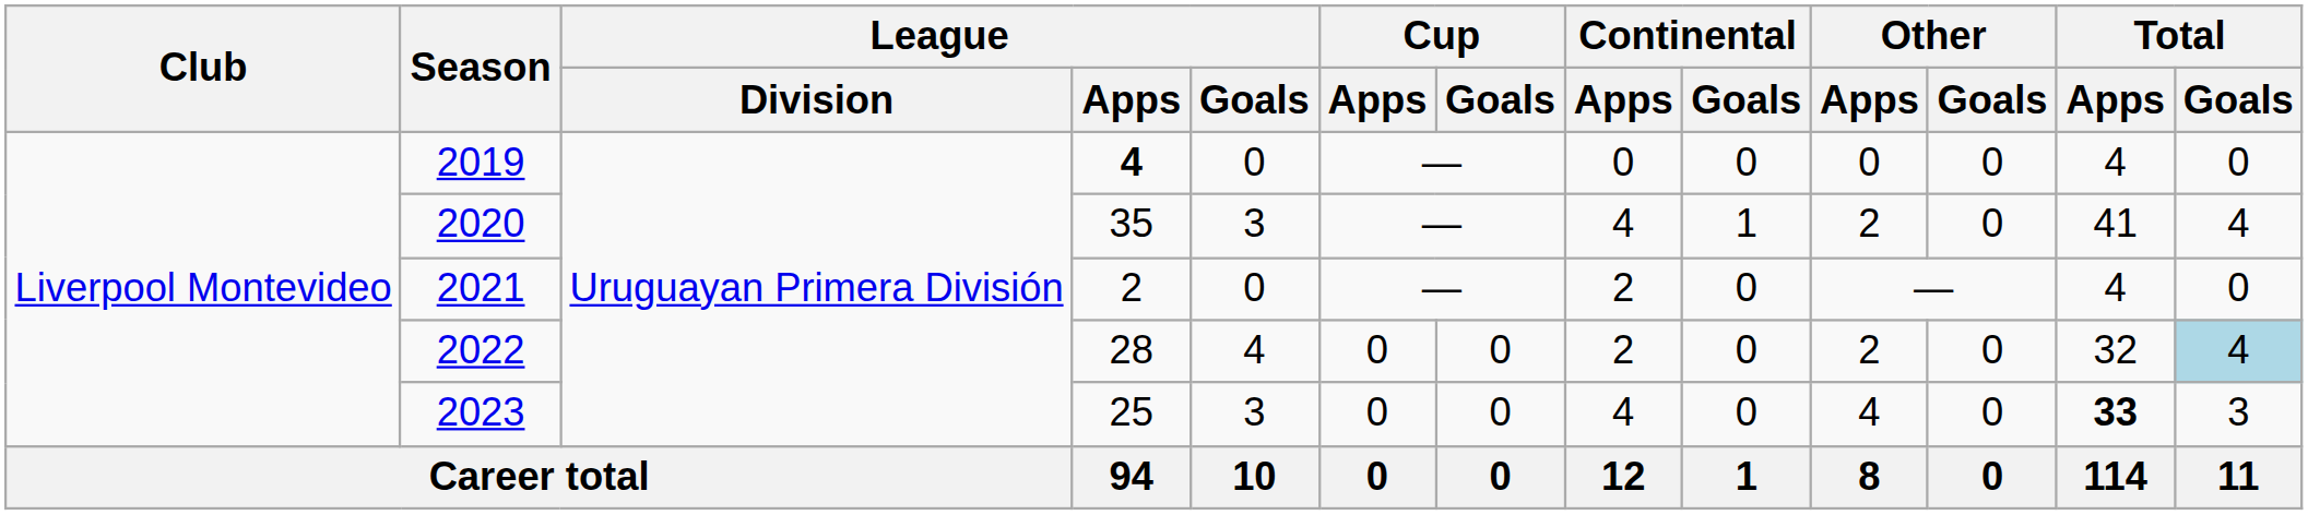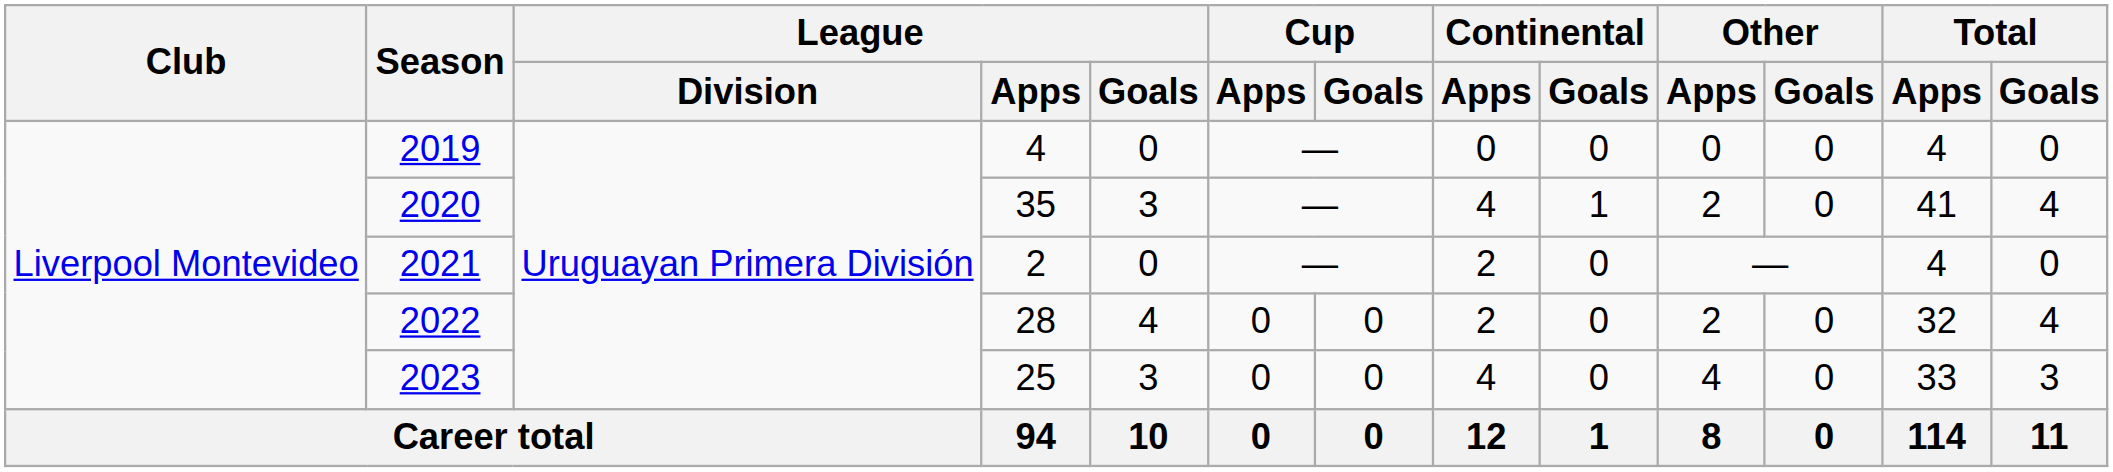 <table class="wikitable" Style="text-align: center">
 <tr>
 <th rowspan="2">Club</th>
 <th rowspan="2">Season</th>
 <th colspan="3">League</th>
 <th colspan="2">Cup</th>
 <th colspan="2">Continental</th>
 <th colspan="2">Other</th>
 <th colspan="2">Total</th>
 </tr>
 <tr>
 <th>Division</th>
 <th>Apps</th>
 <th>Goals</th>
 <th>Apps</th>
 <th>Goals</th>
 <th>Apps</th>
 <th>Goals</th>
 <th>Apps</th>
 <th>Goals</th>
 <th>Apps</th>
 <th>Goals</th>
 </tr>
 <tr>
 <td rowspan="5"><a href='#'>Liverpool Montevideo</a></td>
 <td><a href='#'>2019</a></td>
 <td rowspan="5"><a href='#'>Uruguayan Primera División</a></td>
-<td><strong>4</strong></td>
+<td>4</td>
 <td>0</td>
 <td colspan="2">—</td>
 <td>0</td>
 <td>0</td>
 <td>0</td>
 <td>0</td>
 <td>4</td>
 <td>0</td>
 </tr>
 <tr>
 <td><a href='#'>2020</a></td>
 <td>35</td>
 <td>3</td>
 <td colspan="2">—</td>
 <td>4</td>
 <td>1</td>
 <td>2</td>
 <td>0</td>
 <td>41</td>
 <td>4</td>
 </tr>
 <tr>
 <td><a href='#'>2021</a></td>
 <td>2</td>
 <td>0</td>
 <td colspan="2">—</td>
 <td>2</td>
 <td>0</td>
 <td colspan="2">—</td>
 <td>4</td>
 <td>0</td>
 </tr>
 <tr>
 <td><a href='#'>2022</a></td>
 <td>28</td>
 <td>4</td>
 <td>0</td>
 <td>0</td>
 <td>2</td>
 <td>0</td>
 <td>2</td>
 <td>0</td>
 <td>32</td>
-<td style="background: lightblue;">4</td>
+<td>4</td>
 </tr>
 <tr>
 <td><a href='#'>2023</a></td>
 <td>25</td>
 <td>3</td>
 <td>0</td>
 <td>0</td>
 <td>4</td>
 <td>0</td>
 <td>4</td>
 <td>0</td>
-<td><strong>33</strong></td>
+<td>33</td>
 <td>3</td>
 </tr>
 <tr>
 <th colspan="3">Career total</th>
 <th>94</th>
 <th>10</th>
 <th>0</th>
 <th>0</th>
 <th>12</th>
 <th>1</th>
 <th>8</th>
 <th>0</th>
 <th>114</th>
 <th>11</th>
 </tr>
 </table>
